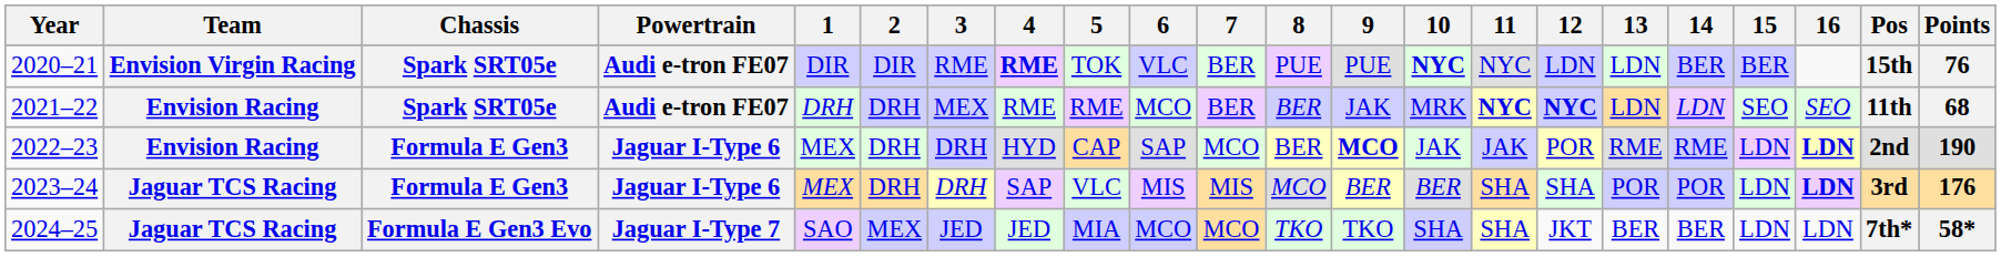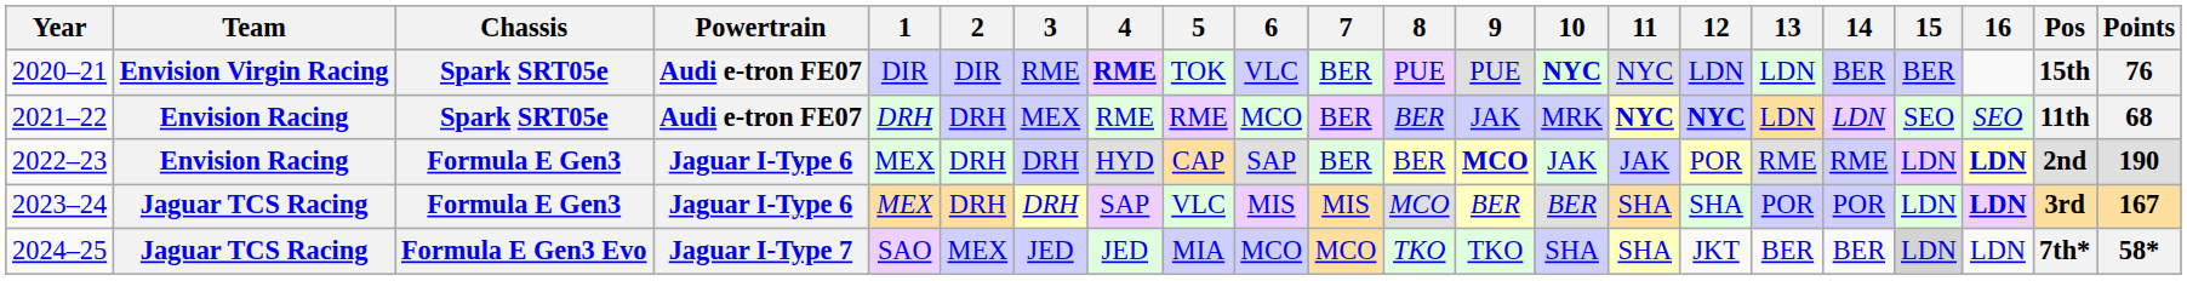 <table class="wikitable" style="text-align:center; font-size:85%">
 <tr>
 <th>Year</th>
 <th>Team</th>
 <th>Chassis</th>
 <th>Powertrain</th>
 <th>1</th>
 <th>2</th>
 <th>3</th>
 <th>4</th>
 <th>5</th>
 <th>6</th>
 <th>7</th>
 <th>8</th>
 <th>9</th>
 <th>10</th>
 <th>11</th>
 <th>12</th>
 <th>13</th>
 <th>14</th>
 <th>15</th>
 <th>16</th>
 <th>Pos</th>
 <th>Points</th>
 </tr>
 <tr>
 <td nowrap><a href='#'>2020–21</a></td>
 <th nowrap><a href='#'>Envision Virgin Racing</a></th>
 <th nowrap><a href='#'>Spark</a> <a href='#'>SRT05e</a></th>
 <th nowrap><a href='#'>Audi</a> e-tron FE07</th>
 <td style="background:#CFCFFF"><a href='#'>DIR</a><br></td>
 <td style="background:#CFCFFF"><a href='#'>DIR</a><br></td>
 <td style="background:#CFCFFF"><a href='#'>RME</a><br></td>
 <td style="background:#EFCFFF"><strong><a href='#'>RME</a></strong><br></td>
 <td style="background:#dfffdf;"><a href='#'>TOK</a><br></td>
 <td style="background:#CFCFFF"><a href='#'>VLC</a><br></td>
 <td style="background:#dfffdf;"><a href='#'>BER</a><br></td>
 <td style="background:#EFCFFF"><a href='#'>PUE</a><br></td>
 <td style="background:#DFDFDF"><a href='#'>PUE</a><br></td>
 <td style="background:#DFFFDF"><strong><a href='#'>NYC</a></strong><br></td>
 <td style="background:#DFDFDF"><a href='#'>NYC</a><br></td>
 <td style="background:#CFCFFF"><a href='#'>LDN</a><br></td>
 <td style="background:#DFFFDF"><a href='#'>LDN</a><br></td>
 <td style="background:#CFCFFF"><a href='#'>BER</a><br></td>
 <td style="background:#CFCFFF"><a href='#'>BER</a><br></td>
 <td></td>
 <th>15th</th>
 <th>76</th>
 </tr>
 <tr>
 <td nowrap><a href='#'>2021–22</a></td>
 <th nowrap><a href='#'>Envision Racing</a></th>
 <th nowrap><a href='#'>Spark</a> <a href='#'>SRT05e</a></th>
 <th nowrap><a href='#'>Audi</a> e-tron FE07</th>
 <td style="background:#DFFFDF"><em><a href='#'>DRH</a></em><br></td>
 <td style="background:#CFCFFF"><a href='#'>DRH</a><br></td>
 <td style="background:#CFCFFF"><a href='#'>MEX</a><br></td>
 <td style="background:#DFFFDF"><a href='#'>RME</a><br></td>
 <td style="background:#EFCFFF"><a href='#'>RME</a><br></td>
 <td style="background:#DFFFDF"><a href='#'>MCO</a><br></td>
 <td style="background:#EFCFFF"><a href='#'>BER</a><br></td>
 <td style="background:#CFCFFF"><em><a href='#'>BER</a></em><br></td>
 <td style="background:#CFCFFF"><a href='#'>JAK</a><br></td>
 <td style="background:#CFCFFF"><a href='#'>MRK</a><br></td>
 <td style="background:#FFFFBF"><strong><a href='#'>NYC</a></strong><br></td>
 <td style="background:#CFCFFF"><strong><a href='#'>NYC</a></strong><br></td>
 <td style="background:#FFDF9F"><a href='#'>LDN</a><br></td>
 <td style="background:#EFCFFF"><em><a href='#'>LDN</a></em><br></td>
 <td style="background:#DFFFDF"><a href='#'>SEO</a><br></td>
 <td style="background:#DFFFDF"><em><a href='#'>SEO</a></em><br></td>
 <th>11th</th>
 <th>68</th>
 </tr>
 <tr>
 <td nowrap><a href='#'>2022–23</a></td>
 <th nowrap><a href='#'>Envision Racing</a></th>
 <th nowrap><a href='#'>Formula E Gen3</a></th>
 <th nowrap><a href='#'>Jaguar I-Type 6</a></th>
 <td style="background:#DFFFDF;"><a href='#'>MEX</a><br></td>
 <td style="background:#DFFFDF;"><a href='#'>DRH</a><br></td>
 <td style="background:#CFCFFF;"><a href='#'>DRH</a><br></td>
 <td style="background:#DFDFDF;"><a href='#'>HYD</a><br></td>
 <td style="background:#FFDF9F;"><a href='#'>CAP</a><br></td>
 <td style="background:#dfdfdf;"><a href='#'>SAP</a><br></td>
-<td style="background:#DFFFDF"><a href='#'>MCO</a><br></td>
+<td style="background:#dfffdf;"><a href='#'>BER</a><br></td>
 <td style="background:#ffffbf;"><a href='#'>BER</a><br></td>
 <td style="background:#ffffbf;"><strong><a href='#'>MCO</a><br></strong></td>
 <td style="background:#dfffdf;"><a href='#'>JAK</a><br></td>
 <td style="background:#cfcfff;"><a href='#'>JAK</a><br></td>
 <td style="background:#ffffbf;"><a href='#'>POR</a><br></td>
 <td style="background:#DFDFDF;"><a href='#'>RME</a><br></td>
 <td style="background:#CFCFFF;"><a href='#'>RME</a><br></td>
 <td style="background:#EFCFFF;"><a href='#'>LDN</a><br></td>
 <td style="background:#FFFFBF;"><strong><a href='#'>LDN</a></strong><br></td>
 <th style="background:#DFDFDF;">2nd</th>
 <th style="background:#DFDFDF;">190</th>
 </tr>
 <tr>
 <td nowrap><a href='#'>2023–24</a></td>
 <th nowrap><a href='#'>Jaguar TCS Racing</a></th>
 <th nowrap><a href='#'>Formula E Gen3</a></th>
 <th nowrap><a href='#'>Jaguar I-Type 6</a></th>
 <td style="background:#ffdf9f;"><em><a href='#'>MEX</a></em><br></td>
 <td style="background:#ffdf9f;"><a href='#'>DRH</a><br></td>
 <td style="background:#ffffbf;"><em><a href='#'>DRH</a></em><br></td>
 <td style="background:#efcfff;"><a href='#'>SAP</a><br></td>
 <td style="background:#DFFFDF"><a href='#'>VLC</a><br></td>
 <td style="background:#efcfff;"><a href='#'>MIS</a><br></td>
 <td style="background:#ffdf9f;"><a href='#'>MIS</a><br></td>
 <td style="background:#dfdfdf;"><em><a href='#'>MCO</a></em><br></td>
 <td style="background:#ffffbf;"><em><a href='#'>BER</a></em><br></td>
 <td style="background:#dfdfdf;"><em><a href='#'>BER</a></em><br></td>
 <td style="background:#ffdf9f;"><a href='#'>SHA</a><br></td>
 <td style="background:#dfffdf;"><a href='#'>SHA</a><br></td>
 <td style="background:#CFCFFF;"><a href='#'>POR</a><br></td>
 <td style="background:#CFCFFF;"><a href='#'>POR</a><br></td>
 <td style="background:#dfffdf;"><a href='#'>LDN</a><br></td>
 <td style="background:#efcfff;"><strong><a href='#'>LDN</a></strong><br></td>
 <th style="background:#ffdf9f;">3rd</th>
-<th style="background:#ffdf9f;">176</th>
+<th style="background:#ffdf9f;">167</th>
 </tr>
 <tr>
 <td nowrap><a href='#'>2024–25</a></td>
 <th nowrap><a href='#'>Jaguar TCS Racing</a></th>
 <th nowrap><a href='#'>Formula E Gen3 Evo</a></th>
 <th nowrap><a href='#'>Jaguar I-Type 7</a></th>
 <td style="background:#EFCFFF;"><a href='#'>SAO</a><br></td>
 <td style="background:#cfcfff;"><a href='#'>MEX</a><br></td>
 <td style="background:#cfcfff;"><a href='#'>JED</a><br></td>
 <td style="background:#dfffdf;"><a href='#'>JED</a><br></td>
 <td style="background:#cfcfff;"><a href='#'>MIA</a><br></td>
 <td style="background:#cfcfff;"><a href='#'>MCO</a><br></td>
 <td style="background:#ffdf9f;"><a href='#'>MCO</a><br></td>
 <td style="background:#dfffdf;"><em><a href='#'>TKO</a></em><br></td>
 <td style="background:#DFFFDF;"><a href='#'>TKO</a><br></td>
 <td style="background:#CFCFFF;"><a href='#'>SHA</a><br></td>
 <td style="background:#FFFFBF;"><a href='#'>SHA</a><br></td>
 <td><a href='#'>JKT</a></td>
 <td><a href='#'>BER</a></td>
 <td><a href='#'>BER</a></td>
-<td><a href='#'>LDN</a></td>
+<td style="background: lightgrey;"><a href='#'>LDN</a></td>
 <td><a href='#'>LDN</a></td>
 <th>7th*</th>
 <th>58*</th>
 </tr>
 </table>
